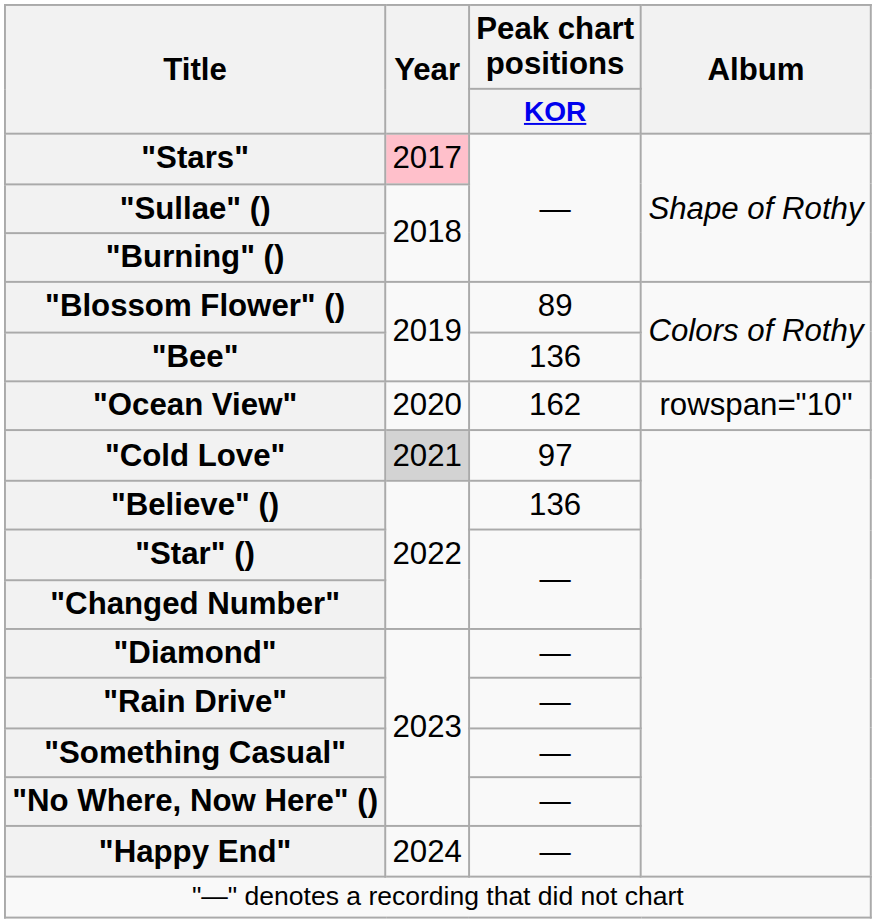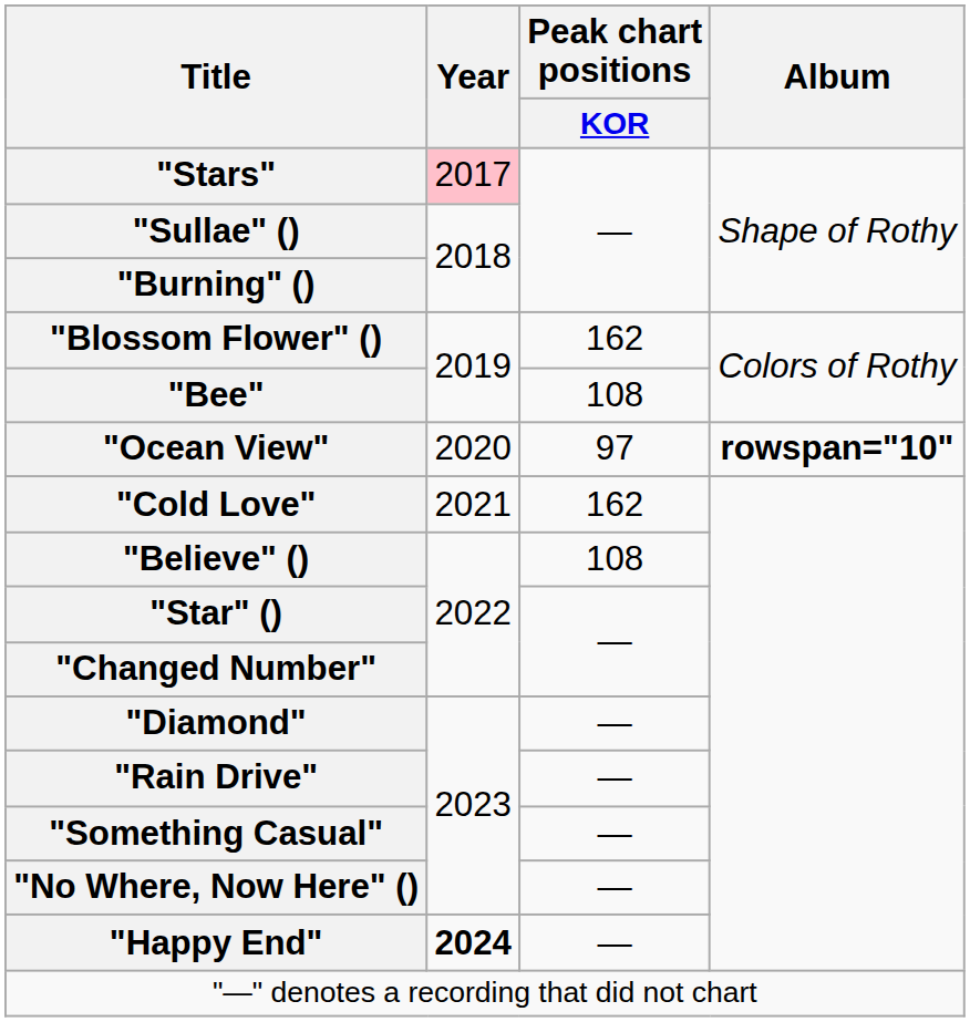 <table class="wikitable plainrowheaders" style="text-align:center">
 <tr>
 <th scope="col" rowspan="2">Title</th>
 <th scope="col" rowspan="2">Year</th>
 <th scope="col">Peak chart<br>positions</th>
 <th scope="col" rowspan="2">Album</th>
 </tr>
 <tr>
 <th scope="col" style="font-size:90%"><a href='#'>KOR</a><br></th>
 </tr>
 <tr>
 <th scope="row">"Stars"</th>
 <td style="background: pink;">2017</td>
 <td rowspan="3">—</td>
 <td rowspan="3"><em>Shape of Rothy</em></td>
 </tr>
 <tr>
 <th scope="row">"Sullae" ()</th>
 <td rowspan="2">2018</td>
 </tr>
 <tr>
 <th scope="row">"Burning" ()</th>
 </tr>
 <tr>
 <th scope="row">"Blossom Flower" ()</th>
 <td rowspan="2">2019</td>
-<td>89</td>
+<td>162</td>
 <td rowspan="2"><em>Colors of Rothy</em></td>
 </tr>
 <tr>
 <th scope="row">"Bee"</th>
-<td>136</td>
+<td>108</td>
 </tr>
 <tr>
 <th scope="row">"Ocean View"<br></th>
 <td>2020</td>
-<td>162</td>
-<td>rowspan="10" </td>
+<td>97</td>
+<td><strong>rowspan="10" </strong></td>
 </tr>
 <tr>
 <th scope="row">"Cold Love"</th>
-<td style="background: lightgrey;">2021</td>
-<td>97</td>
+<td>2021</td>
+<td>162</td>
 </tr>
 <tr>
 <th scope="row">"Believe" ()</th>
 <td rowspan="3">2022</td>
-<td>136</td>
+<td>108</td>
 </tr>
 <tr>
 <th scope="row">"Star" ()</th>
 <td rowspan="2">—</td>
 </tr>
 <tr>
 <th scope="row">"Changed Number"</th>
 </tr>
 <tr>
 <th scope="row">"Diamond"</th>
 <td rowspan="4">2023</td>
 <td>—</td>
 </tr>
 <tr>
 <th scope="row">"Rain Drive"</th>
 <td>—</td>
 </tr>
 <tr>
 <th scope="row">"Something Casual"</th>
 <td>—</td>
 </tr>
 <tr>
 <th scope="row">"No Where, Now Here" ()</th>
 <td>—</td>
 </tr>
 <tr>
 <th scope="row">"Happy End"</th>
-<td>2024</td>
+<td><strong>2024</strong></td>
 <td>—</td>
 </tr>
 <tr>
 <td colspan="5" style="font-size:85%">"—" denotes a recording that did not chart</td>
 </tr>
 </table>
